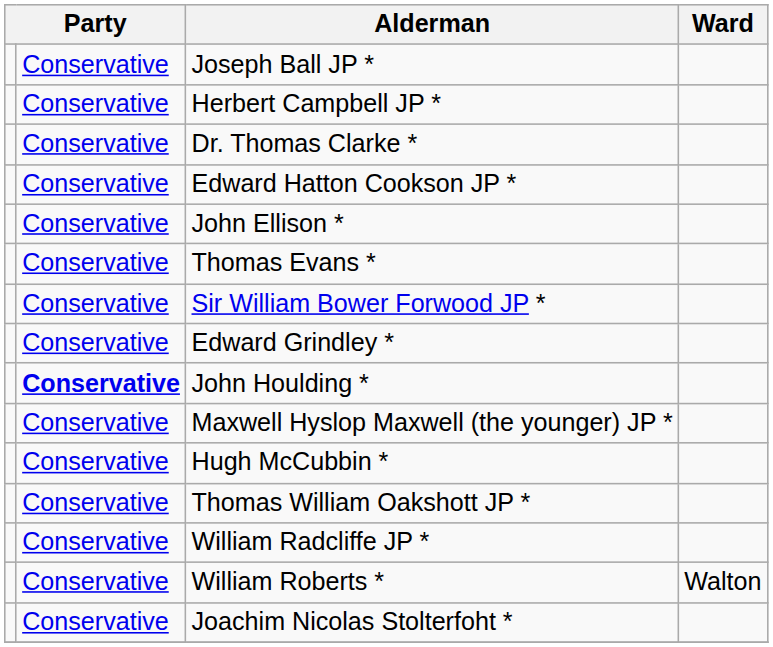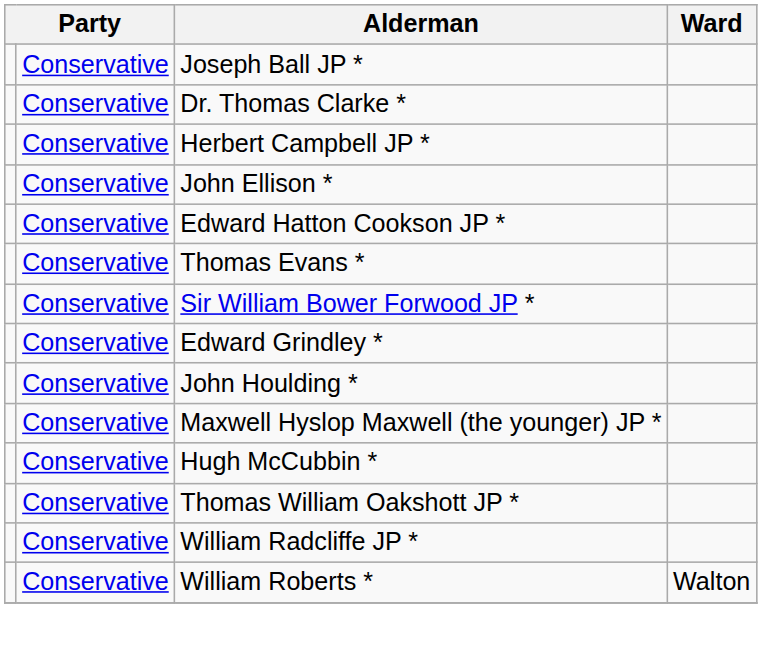 <table class="wikitable">
 <tr>
 <th colspan="2">Party</th>
 <th>Alderman</th>
 <th>Ward</th>
 </tr>
 <tr>
 <td style="background-color:"></td>
 <td><a href='#'>Conservative</a></td>
 <td>Joseph Ball JP *</td>
 </tr>
 <tr>
 <td style="background-color:"></td>
 <td><a href='#'>Conservative</a></td>
+<td>Dr. Thomas Clarke *</td>
+<td></td>
+</tr>
+<tr>
+<td style="background-color:"></td>
+<td><a href='#'>Conservative</a></td>
 <td>Herbert Campbell JP *</td>
 <td></td>
 </tr>
 <tr>
 <td style="background-color:"></td>
 <td><a href='#'>Conservative</a></td>
-<td>Dr. Thomas Clarke *</td>
+<td>John Ellison *</td>
 <td></td>
 </tr>
 <tr>
 <td style="background-color:"></td>
 <td><a href='#'>Conservative</a></td>
 <td>Edward Hatton Cookson JP *</td>
-<td></td>
-</tr>
-<tr>
-<td style="background-color:"></td>
-<td><a href='#'>Conservative</a></td>
-<td>John Ellison *</td>
 <td></td>
 </tr>
 <tr>
 <td style="background-color:"></td>
 <td><a href='#'>Conservative</a></td>
 <td>Thomas Evans *</td>
 <td></td>
 </tr>
 <tr>
 <td style="background-color:"></td>
 <td><a href='#'>Conservative</a></td>
 <td><a href='#'>Sir William Bower Forwood JP</a> *</td>
 <td></td>
 </tr>
 <tr>
 <td style="background-color:"></td>
 <td><a href='#'>Conservative</a></td>
 <td>Edward Grindley *</td>
 <td></td>
 </tr>
 <tr>
 <td style="background-color:"></td>
-<td><strong><a href='#'>Conservative</a></strong></td>
+<td><a href='#'>Conservative</a></td>
 <td>John Houlding *</td>
 <td></td>
 </tr>
 <tr>
 <td style="background-color:"></td>
 <td><a href='#'>Conservative</a></td>
 <td>Maxwell Hyslop Maxwell (the younger) JP *</td>
 <td></td>
 </tr>
 <tr>
 <td style="background-color:"></td>
 <td><a href='#'>Conservative</a></td>
 <td>Hugh McCubbin *</td>
 <td></td>
 </tr>
 <tr>
 <td style="background-color:"></td>
 <td><a href='#'>Conservative</a></td>
 <td>Thomas William Oakshott JP *</td>
 <td></td>
 </tr>
 <tr>
 <td style="background-color:"></td>
 <td><a href='#'>Conservative</a></td>
 <td>William Radcliffe JP *</td>
 <td></td>
 </tr>
 <tr>
 <td style="background-color:"></td>
 <td><a href='#'>Conservative</a></td>
 <td>William Roberts *</td>
 <td>Walton</td>
 </tr>
 <tr>
-<td style="background-color:"></td>
-<td><a href='#'>Conservative</a></td>
-<td>Joachim Nicolas Stolterfoht *</td>
-<td></td>
-</tr>
-<tr>
 </tr>
 </table>
